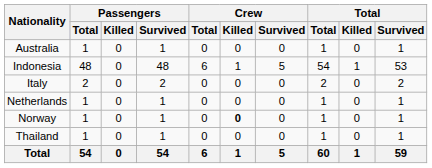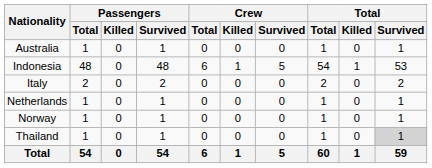 <table class="wikitable sortable" style="text-align:center;font-size:85%">
 <tr>
 <th rowspan=2>Nationality</th>
 <th colspan="3">Passengers</th>
 <th colspan=3>Crew</th>
 <th colspan=3>Total</th>
 </tr>
 <tr bgcolor=ccccff>
 <th>Total</th>
 <th>Killed</th>
 <th>Survived</th>
 <th>Total</th>
 <th>Killed</th>
 <th>Survived</th>
 <th>Total</th>
 <th>Killed</th>
 <th>Survived</th>
 </tr>
 <tr>
 <td>Australia</td>
 <td>1</td>
 <td>0</td>
 <td>1</td>
 <td>0</td>
 <td>0</td>
 <td>0</td>
 <td>1</td>
 <td>0</td>
 <td>1</td>
 </tr>
 <tr>
 <td>Indonesia</td>
 <td>48</td>
 <td>0</td>
 <td>48</td>
 <td>6</td>
 <td>1</td>
 <td>5</td>
 <td>54</td>
 <td>1</td>
 <td>53</td>
 </tr>
 <tr>
 <td>Italy</td>
 <td>2</td>
 <td>0</td>
 <td>2</td>
 <td>0</td>
 <td>0</td>
 <td>0</td>
 <td>2</td>
 <td>0</td>
 <td>2</td>
 </tr>
 <tr>
 <td>Netherlands</td>
 <td>1</td>
 <td>0</td>
 <td>1</td>
 <td>0</td>
 <td>0</td>
 <td>0</td>
 <td>1</td>
 <td>0</td>
 <td>1</td>
 </tr>
 <tr>
 <td>Norway</td>
 <td>1</td>
 <td>0</td>
 <td>1</td>
 <td>0</td>
-<td><strong>0</strong></td>
+<td>0</td>
 <td>0</td>
 <td>1</td>
 <td>0</td>
 <td>1</td>
 </tr>
 <tr>
 <td>Thailand</td>
 <td>1</td>
 <td>0</td>
 <td>1</td>
 <td>0</td>
 <td>0</td>
 <td>0</td>
 <td>1</td>
 <td>0</td>
-<td>1</td>
+<td style="background: lightgrey;">1</td>
 </tr>
 <tr class="unsortable">
 <th>Total</th>
 <th>54</th>
 <th>0</th>
 <th>54</th>
 <th>6</th>
 <th>1</th>
 <th>5</th>
 <th>60</th>
 <th>1</th>
 <th>59</th>
 </tr>
 </table>
